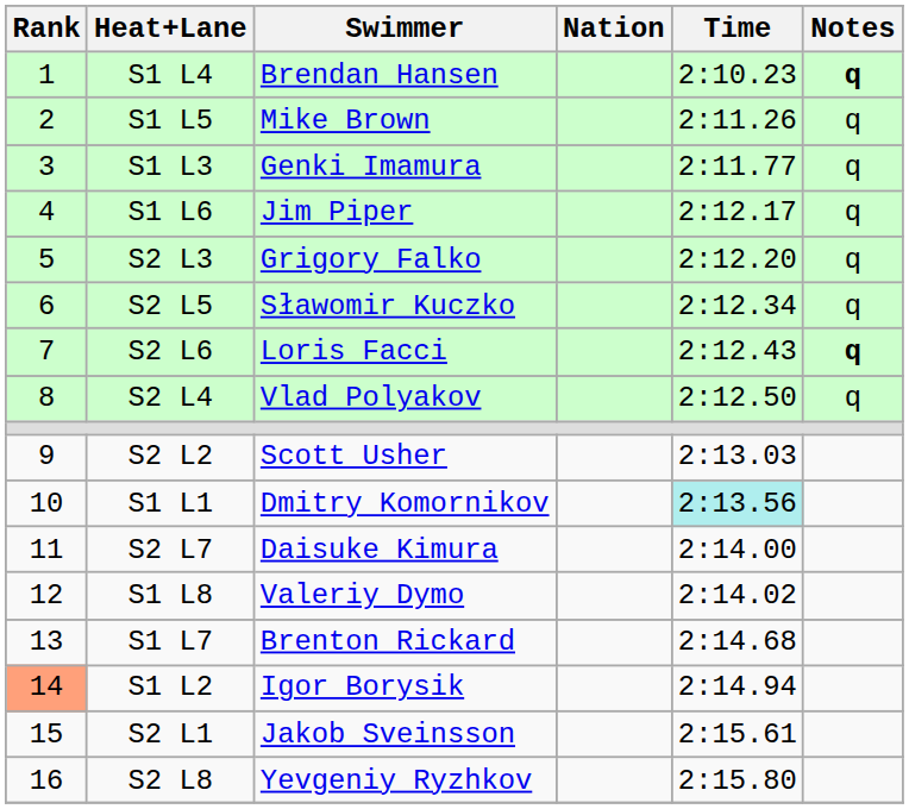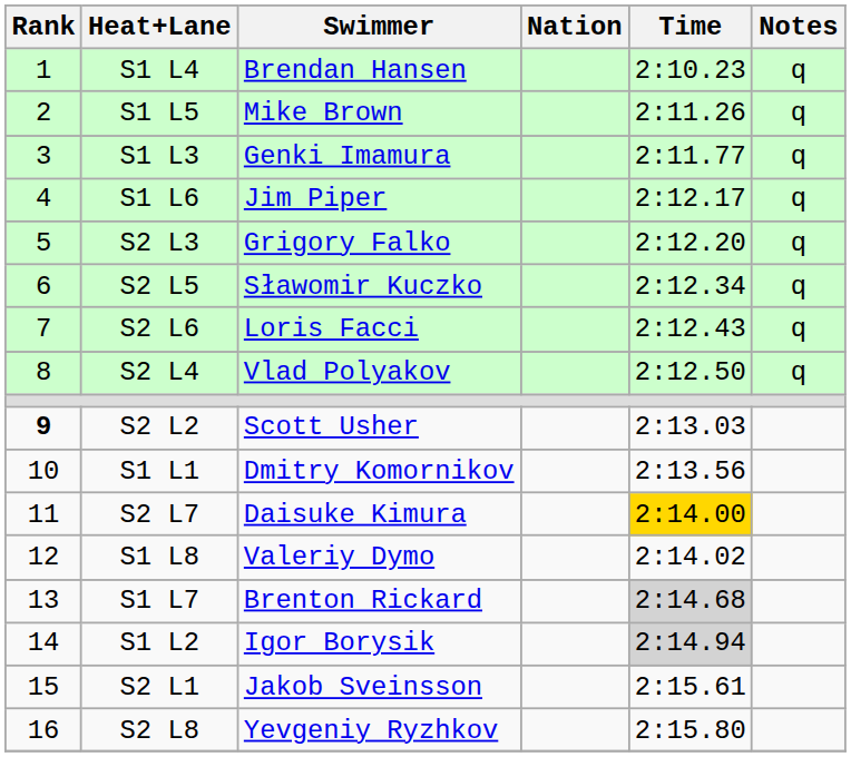 <table class="wikitable sortable" style="text-align:center">
 <tr>
 <th>Rank</th>
 <th>Heat+Lane</th>
 <th>Swimmer</th>
 <th>Nation</th>
 <th>Time</th>
 <th>Notes</th>
 </tr>
 <tr bgcolor=ccffcc>
 <td>1</td>
 <td>S1 L4</td>
 <td align=left><a href='#'>Brendan Hansen</a></td>
 <td align=left></td>
 <td>2:10.23</td>
-<td><strong>q</strong></td>
+<td>q</td>
 </tr>
 <tr bgcolor=ccffcc>
 <td>2</td>
 <td>S1 L5</td>
 <td align=left><a href='#'>Mike Brown</a></td>
 <td align=left></td>
 <td>2:11.26</td>
 <td>q</td>
 </tr>
 <tr bgcolor=ccffcc>
 <td>3</td>
 <td>S1 L3</td>
 <td align=left><a href='#'>Genki Imamura</a></td>
 <td align=left></td>
 <td>2:11.77</td>
 <td>q</td>
 </tr>
 <tr bgcolor=ccffcc>
 <td>4</td>
 <td>S1 L6</td>
 <td align=left><a href='#'>Jim Piper</a></td>
 <td align=left></td>
 <td>2:12.17</td>
 <td>q</td>
 </tr>
 <tr bgcolor=ccffcc>
 <td>5</td>
 <td>S2 L3</td>
 <td align=left><a href='#'>Grigory Falko</a></td>
 <td align=left></td>
 <td>2:12.20</td>
 <td>q</td>
 </tr>
 <tr bgcolor=ccffcc>
 <td>6</td>
 <td>S2 L5</td>
 <td align=left><a href='#'>Sławomir Kuczko</a></td>
 <td align=left></td>
 <td>2:12.34</td>
 <td>q</td>
 </tr>
 <tr bgcolor=ccffcc>
 <td>7</td>
 <td>S2 L6</td>
 <td align=left><a href='#'>Loris Facci</a></td>
 <td align=left></td>
 <td>2:12.43</td>
-<td><strong>q</strong></td>
+<td>q</td>
 </tr>
 <tr bgcolor=ccffcc>
 <td>8</td>
 <td>S2 L4</td>
 <td align=left><a href='#'>Vlad Polyakov</a></td>
 <td align=left></td>
 <td>2:12.50</td>
 <td>q</td>
 </tr>
 <tr bgcolor=#DDDDDD>
 <td colspan=6></td>
 </tr>
 <tr>
-<td>9</td>
+<td><strong>9</strong></td>
 <td>S2 L2</td>
 <td align=left><a href='#'>Scott Usher</a></td>
 <td align=left></td>
 <td>2:13.03</td>
 <td></td>
 </tr>
 <tr>
 <td>10</td>
 <td>S1 L1</td>
 <td align=left><a href='#'>Dmitry Komornikov</a></td>
 <td align=left></td>
-<td style="background: paleturquoise;">2:13.56</td>
+<td>2:13.56</td>
 <td></td>
 </tr>
 <tr>
 <td>11</td>
 <td>S2 L7</td>
 <td align=left><a href='#'>Daisuke Kimura</a></td>
 <td align=left></td>
-<td>2:14.00</td>
+<td style="background: gold;">2:14.00</td>
 <td></td>
 </tr>
 <tr>
 <td>12</td>
 <td>S1 L8</td>
 <td align=left><a href='#'>Valeriy Dymo</a></td>
 <td align=left></td>
 <td>2:14.02</td>
 <td></td>
 </tr>
 <tr>
 <td>13</td>
 <td>S1 L7</td>
 <td align=left><a href='#'>Brenton Rickard</a></td>
 <td align=left></td>
-<td>2:14.68</td>
+<td style="background: lightgrey;">2:14.68</td>
 <td></td>
 </tr>
 <tr>
-<td style="background: lightsalmon;">14</td>
+<td>14</td>
 <td>S1 L2</td>
 <td align=left><a href='#'>Igor Borysik</a></td>
 <td align=left></td>
-<td>2:14.94</td>
+<td style="background: lightgrey;">2:14.94</td>
 <td></td>
 </tr>
 <tr>
 <td>15</td>
 <td>S2 L1</td>
 <td align=left><a href='#'>Jakob Sveinsson</a></td>
 <td align=left></td>
 <td>2:15.61</td>
 <td></td>
 </tr>
 <tr>
 <td>16</td>
 <td>S2 L8</td>
 <td align=left><a href='#'>Yevgeniy Ryzhkov</a></td>
 <td align=left></td>
 <td>2:15.80</td>
 <td></td>
 </tr>
 <tr>
 </tr>
 </table>
